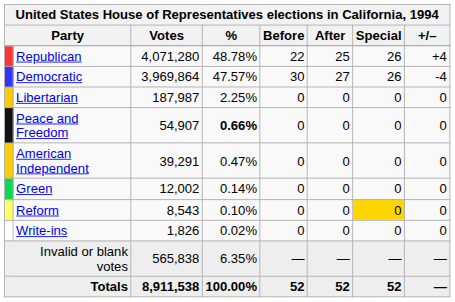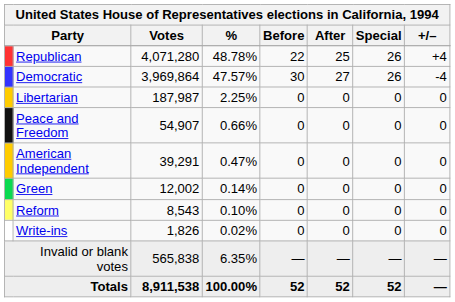 <table class="wikitable" style="font-size: 95%;">
 <tr>
 <th colspan="8">United States House of Representatives elections in California, 1994</th>
 </tr>
 <tr>
 <th colspan=2 style="width: 5em">Party</th>
 <th style="width: 5em">Votes</th>
 <th style="width: 3em">%</th>
 <th style="width: 3em">Before</th>
 <th style="width: 3em">After</th>
 <th style="width: 3em">Special</th>
 <th style="width: 3em">+/–</th>
 </tr>
 <tr>
 </tr>
 <tr>
 <th style="background-color:#FF3333; width: 3px"></th>
 <td style="width: 130px"><a href='#'>Republican</a></td>
 <td align="right">4,071,280</td>
 <td align="right">48.78%</td>
 <td align="right">22</td>
 <td align="right">25</td>
 <td align="right">26</td>
 <td align="right">+4</td>
 </tr>
 <tr>
 <th style="background-color:#3333FF; width: 3px"></th>
 <td style="width: 130px"><a href='#'>Democratic</a></td>
 <td align="right">3,969,864</td>
 <td align="right">47.57%</td>
 <td align="right">30</td>
 <td align="right">27</td>
 <td align="right">26</td>
 <td align="right">-4</td>
 </tr>
 <tr>
 <th style="background-color:#FFCC00; width: 3px"></th>
 <td style="width: 130px"><a href='#'>Libertarian</a></td>
 <td align="right">187,987</td>
 <td align="right">2.25%</td>
 <td align="right">0</td>
 <td align="right">0</td>
 <td align="right">0</td>
 <td align="right">0</td>
 </tr>
 <tr>
 <th style="background-color:#111111; width: 3px"></th>
 <td style="width: 130px"><a href='#'>Peace and Freedom</a></td>
 <td align="right">54,907</td>
-<td align="right"><strong>0.66%</strong></td>
+<td align="right">0.66%</td>
 <td align="right">0</td>
 <td align="right">0</td>
 <td align="right">0</td>
 <td align="right">0</td>
 </tr>
 <tr>
 <th style="background-color:#FFCC00; width: 3px"></th>
 <td style="width: 130px"><a href='#'>American Independent</a></td>
 <td align="right">39,291</td>
 <td align="right">0.47%</td>
 <td align="right">0</td>
 <td align="right">0</td>
 <td align="right">0</td>
 <td align="right">0</td>
 </tr>
 <tr>
 <th style="background-color:#0BDA51; width: 3px"></th>
 <td style="width: 130px"><a href='#'>Green</a></td>
 <td align="right">12,002</td>
 <td align="right">0.14%</td>
 <td align="right">0</td>
 <td align="right">0</td>
 <td align="right">0</td>
 <td align="right">0</td>
 </tr>
 <tr>
 <th style="background-color:#FFFF66; width: 3px"></th>
 <td style="width: 130px"><a href='#'>Reform</a></td>
 <td align="right">8,543</td>
 <td align="right">0.10%</td>
 <td align="right">0</td>
 <td align="right">0</td>
-<td align="right" style="background: gold;">0</td>
+<td align="right">0</td>
 <td align="right">0</td>
 </tr>
 <tr>
 <th style="background-color:#FFFFFF; width: 3px"></th>
 <td style="width: 130px"><a href='#'>Write-ins</a></td>
 <td align="right">1,826</td>
 <td align="right">0.02%</td>
 <td align="right">0</td>
 <td align="right">0</td>
 <td align="right">0</td>
 <td align="right">0</td>
 </tr>
 <tr bgcolor="#EEEEEE">
 <td colspan="2" align="right">Invalid or blank votes</td>
 <td align="right">565,838</td>
 <td align="right">6.35%</td>
 <td align="right">—</td>
 <td align="right">—</td>
 <td align="right">—</td>
 <td align="right">—</td>
 </tr>
 <tr bgcolor="#EEEEEE">
 <td colspan="2" align="right"><strong>Totals</strong></td>
 <td align="right"><strong>8,911,538</strong></td>
 <td align="right"><strong>100.00%</strong></td>
 <td align="right"><strong>52</strong></td>
 <td align="right"><strong>52</strong></td>
 <td align="right"><strong>52</strong></td>
 <td align="right"><strong>—</strong></td>
 </tr>
 </table>
